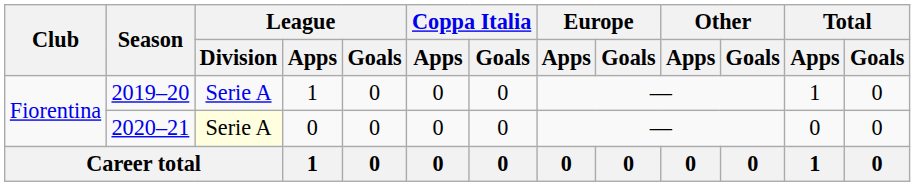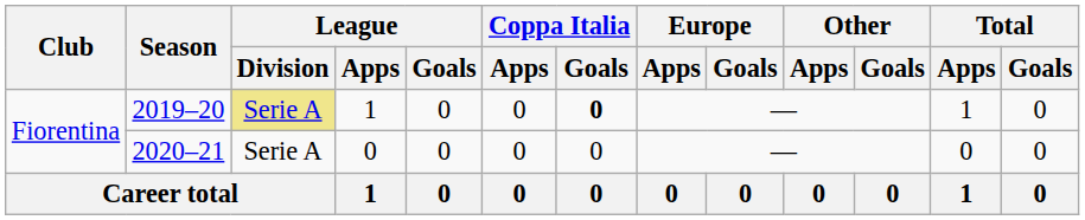 <table class="wikitable" style="text-align:center">
 <tr>
 <th rowspan="2">Club</th>
 <th rowspan="2">Season</th>
 <th colspan="3">League</th>
 <th colspan="2"><a href='#'>Coppa Italia</a></th>
 <th colspan="2">Europe</th>
 <th colspan="2">Other</th>
 <th colspan="2">Total</th>
 </tr>
 <tr>
 <th>Division</th>
 <th>Apps</th>
 <th>Goals</th>
 <th>Apps</th>
 <th>Goals</th>
 <th>Apps</th>
 <th>Goals</th>
 <th>Apps</th>
 <th>Goals</th>
 <th>Apps</th>
 <th>Goals</th>
 </tr>
 <tr>
 <td rowspan="2"><a href='#'>Fiorentina</a></td>
 <td><a href='#'>2019–20</a></td>
-<td><a href='#'>Serie A</a></td>
+<td style="background: khaki;"><a href='#'>Serie A</a></td>
 <td>1</td>
 <td>0</td>
 <td>0</td>
-<td>0</td>
+<td><strong>0</strong></td>
 <td colspan="4">—</td>
 <td>1</td>
 <td>0</td>
 </tr>
 <tr>
 <td><a href='#'>2020–21</a></td>
-<td style="background: lightyellow;">Serie A</td>
+<td>Serie A</td>
 <td>0</td>
 <td>0</td>
 <td>0</td>
 <td>0</td>
 <td colspan="4">—</td>
 <td>0</td>
 <td>0</td>
 </tr>
 <tr>
 <th colspan="3">Career total</th>
 <th>1</th>
 <th>0</th>
 <th>0</th>
 <th>0</th>
 <th>0</th>
 <th>0</th>
 <th>0</th>
 <th>0</th>
 <th>1</th>
 <th>0</th>
 </tr>
 </table>
